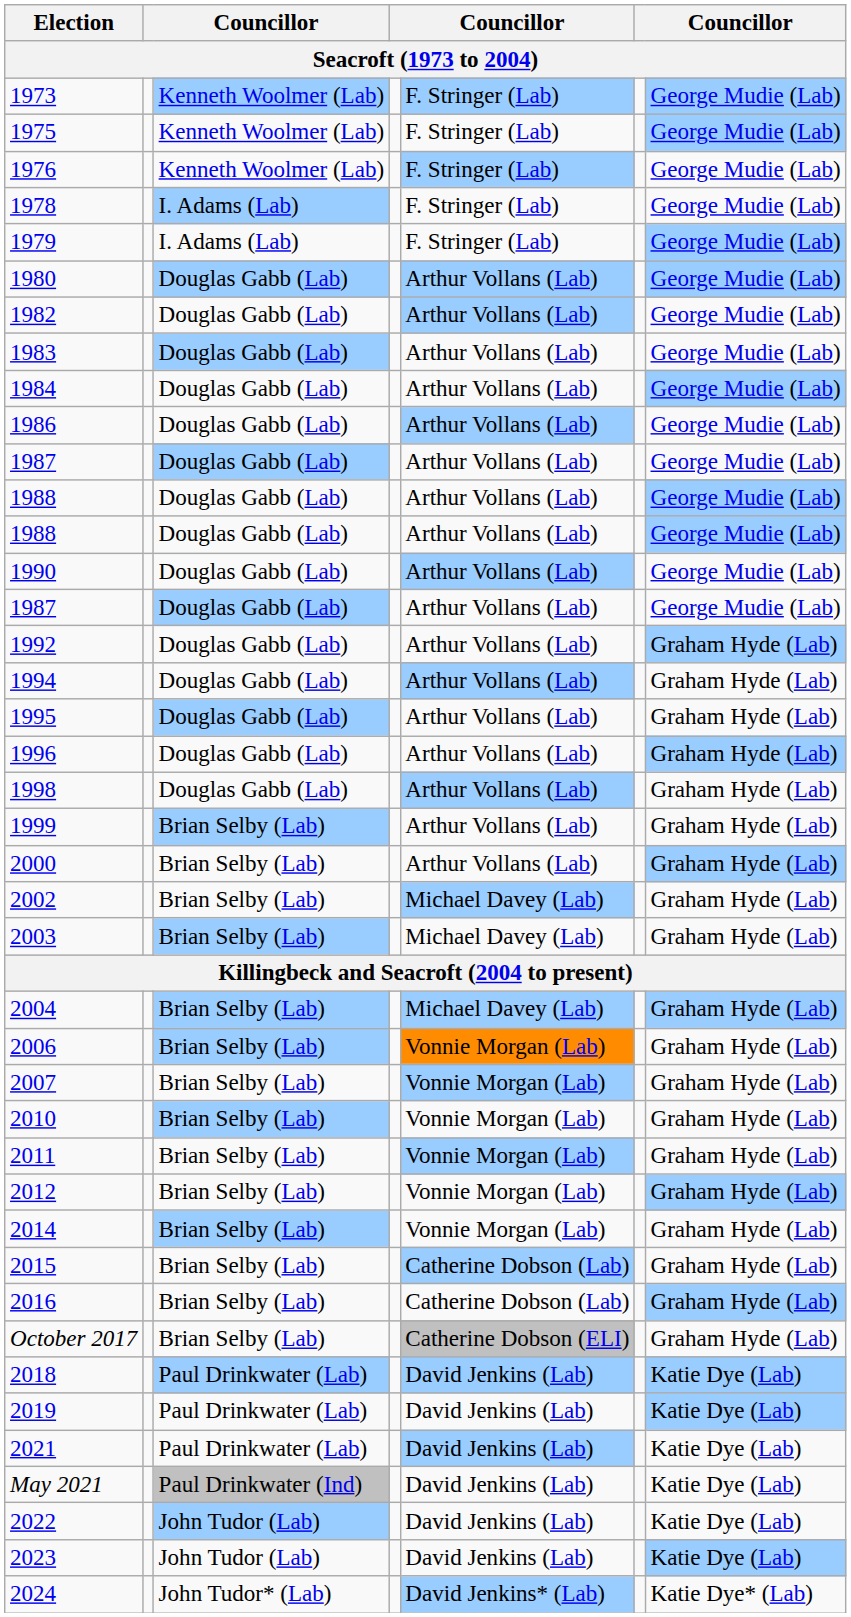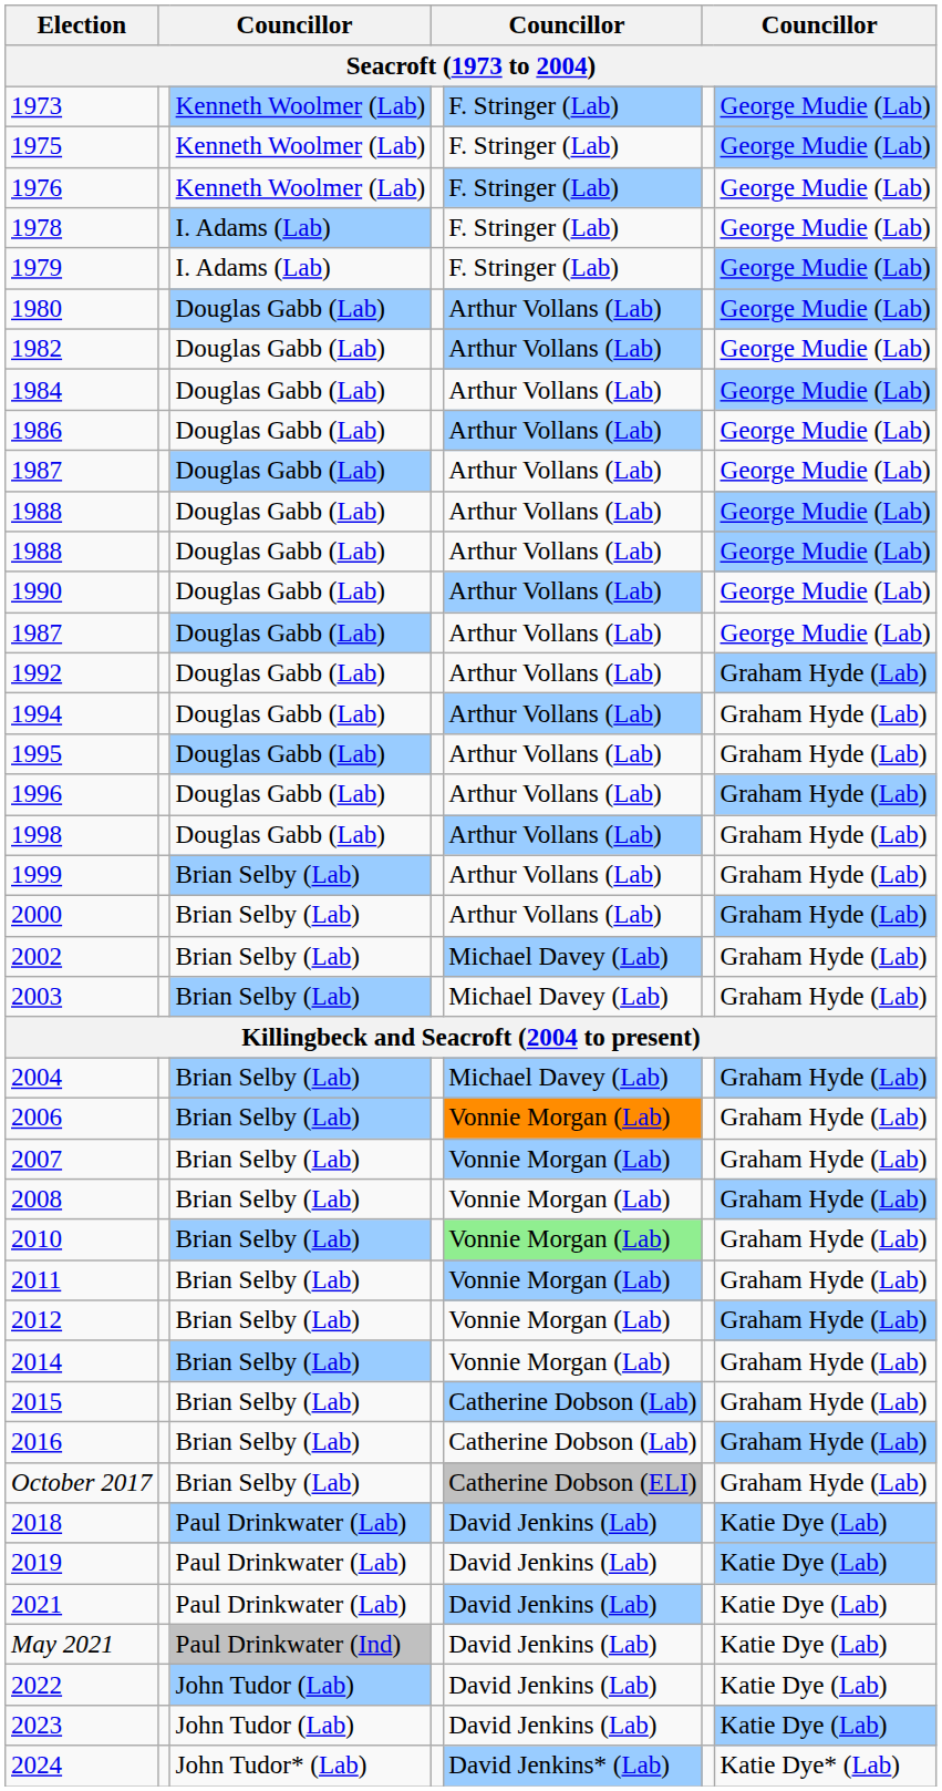 <table class="wikitable">
 <tr>
 <th>Election</th>
 <th colspan="2">Councillor</th>
 <th colspan="2">Councillor</th>
 <th colspan="2">Councillor</th>
 </tr>
 <tr>
 <th colspan=7>Seacroft (<a href='#'>1973</a> to <a href='#'>2004</a>)</th>
 </tr>
 <tr>
 <td><a href='#'>1973</a></td>
 <td style="background-color: "></td>
 <td bgcolor="#99CCFF"><a href='#'>Kenneth Woolmer</a> (<a href='#'>Lab</a>)</td>
 <td style="background-color: "></td>
 <td bgcolor="#99CCFF">F. Stringer (<a href='#'>Lab</a>)</td>
 <td style="background-color: "></td>
 <td bgcolor="#99CCFF"><a href='#'>George Mudie</a> (<a href='#'>Lab</a>)</td>
 </tr>
 <tr>
 <td><a href='#'>1975</a></td>
 <td style="background-color: "></td>
 <td><a href='#'>Kenneth Woolmer</a> (<a href='#'>Lab</a>)</td>
 <td style="background-color: "></td>
 <td>F. Stringer (<a href='#'>Lab</a>)</td>
 <td style="background-color: "></td>
 <td bgcolor="#99CCFF"><a href='#'>George Mudie</a> (<a href='#'>Lab</a>)</td>
 </tr>
 <tr>
 <td><a href='#'>1976</a></td>
 <td style="background-color: "></td>
 <td><a href='#'>Kenneth Woolmer</a> (<a href='#'>Lab</a>)</td>
 <td style="background-color: "></td>
 <td bgcolor="#99CCFF">F. Stringer (<a href='#'>Lab</a>)</td>
 <td style="background-color: "></td>
 <td><a href='#'>George Mudie</a> (<a href='#'>Lab</a>)</td>
 </tr>
 <tr>
 <td><a href='#'>1978</a></td>
 <td style="background-color: "></td>
 <td bgcolor="#99CCFF">I. Adams (<a href='#'>Lab</a>)</td>
 <td style="background-color: "></td>
 <td>F. Stringer (<a href='#'>Lab</a>)</td>
 <td style="background-color: "></td>
 <td><a href='#'>George Mudie</a> (<a href='#'>Lab</a>)</td>
 </tr>
 <tr>
 <td><a href='#'>1979</a></td>
 <td style="background-color: "></td>
 <td>I. Adams (<a href='#'>Lab</a>)</td>
 <td style="background-color: "></td>
 <td>F. Stringer (<a href='#'>Lab</a>)</td>
 <td style="background-color: "></td>
 <td bgcolor="#99CCFF"><a href='#'>George Mudie</a> (<a href='#'>Lab</a>)</td>
 </tr>
 <tr>
 <td><a href='#'>1980</a></td>
 <td style="background-color: "></td>
 <td bgcolor="#99CCFF">Douglas Gabb  (<a href='#'>Lab</a>)</td>
 <td style="background-color: "></td>
 <td bgcolor="#99CCFF">Arthur Vollans (<a href='#'>Lab</a>)</td>
 <td style="background-color: "></td>
 <td bgcolor="#99CCFF"><a href='#'>George Mudie</a> (<a href='#'>Lab</a>)</td>
 </tr>
 <tr>
 <td><a href='#'>1982</a></td>
 <td style="background-color: "></td>
 <td>Douglas Gabb  (<a href='#'>Lab</a>)</td>
 <td style="background-color: "></td>
 <td bgcolor="#99CCFF">Arthur Vollans (<a href='#'>Lab</a>)</td>
-<td style="background-color: "></td>
-<td><a href='#'>George Mudie</a> (<a href='#'>Lab</a>)</td>
-</tr>
-<tr>
-<td><a href='#'>1983</a></td>
-<td style="background-color: "></td>
-<td bgcolor="#99CCFF">Douglas Gabb  (<a href='#'>Lab</a>)</td>
-<td style="background-color: "></td>
-<td>Arthur Vollans (<a href='#'>Lab</a>)</td>
 <td style="background-color: "></td>
 <td><a href='#'>George Mudie</a> (<a href='#'>Lab</a>)</td>
 </tr>
 <tr>
 <td><a href='#'>1984</a></td>
 <td style="background-color: "></td>
 <td>Douglas Gabb  (<a href='#'>Lab</a>)</td>
 <td style="background-color: "></td>
 <td>Arthur Vollans (<a href='#'>Lab</a>)</td>
 <td style="background-color: "></td>
 <td bgcolor="#99CCFF"><a href='#'>George Mudie</a> (<a href='#'>Lab</a>)</td>
 </tr>
 <tr>
 <td><a href='#'>1986</a></td>
 <td style="background-color: "></td>
 <td>Douglas Gabb  (<a href='#'>Lab</a>)</td>
 <td style="background-color: "></td>
 <td bgcolor="#99CCFF">Arthur Vollans (<a href='#'>Lab</a>)</td>
 <td style="background-color: "></td>
 <td><a href='#'>George Mudie</a> (<a href='#'>Lab</a>)</td>
 </tr>
 <tr>
 <td><a href='#'>1987</a></td>
 <td style="background-color: "></td>
 <td bgcolor="#99CCFF">Douglas Gabb  (<a href='#'>Lab</a>)</td>
 <td style="background-color: "></td>
 <td>Arthur Vollans (<a href='#'>Lab</a>)</td>
 <td style="background-color: "></td>
 <td><a href='#'>George Mudie</a> (<a href='#'>Lab</a>)</td>
 </tr>
 <tr>
 <td><a href='#'>1988</a></td>
 <td style="background-color: "></td>
 <td>Douglas Gabb  (<a href='#'>Lab</a>)</td>
 <td style="background-color: "></td>
 <td>Arthur Vollans (<a href='#'>Lab</a>)</td>
 <td style="background-color: "></td>
 <td bgcolor="#99CCFF"><a href='#'>George Mudie</a> (<a href='#'>Lab</a>)</td>
 </tr>
 <tr>
 <td><a href='#'>1988</a></td>
 <td style="background-color: "></td>
 <td>Douglas Gabb  (<a href='#'>Lab</a>)</td>
 <td style="background-color: "></td>
 <td>Arthur Vollans (<a href='#'>Lab</a>)</td>
 <td style="background-color: "></td>
 <td bgcolor="#99CCFF"><a href='#'>George Mudie</a> (<a href='#'>Lab</a>)</td>
 </tr>
 <tr>
 <td><a href='#'>1990</a></td>
 <td style="background-color: "></td>
 <td>Douglas Gabb  (<a href='#'>Lab</a>)</td>
 <td style="background-color: "></td>
 <td bgcolor="#99CCFF">Arthur Vollans (<a href='#'>Lab</a>)</td>
 <td style="background-color: "></td>
 <td><a href='#'>George Mudie</a> (<a href='#'>Lab</a>)</td>
 </tr>
 <tr>
 <td><a href='#'>1987</a></td>
 <td style="background-color: "></td>
 <td bgcolor="#99CCFF">Douglas Gabb  (<a href='#'>Lab</a>)</td>
 <td style="background-color: "></td>
 <td>Arthur Vollans (<a href='#'>Lab</a>)</td>
 <td style="background-color: "></td>
 <td><a href='#'>George Mudie</a> (<a href='#'>Lab</a>)</td>
 </tr>
 <tr>
 <td><a href='#'>1992</a></td>
 <td style="background-color: "></td>
 <td>Douglas Gabb  (<a href='#'>Lab</a>)</td>
 <td style="background-color: "></td>
 <td>Arthur Vollans (<a href='#'>Lab</a>)</td>
 <td style="background-color: "></td>
 <td bgcolor="#99CCFF">Graham Hyde (<a href='#'>Lab</a>)</td>
 </tr>
 <tr>
 <td><a href='#'>1994</a></td>
 <td style="background-color: "></td>
 <td>Douglas Gabb  (<a href='#'>Lab</a>)</td>
 <td style="background-color: "></td>
 <td bgcolor="#99CCFF">Arthur Vollans (<a href='#'>Lab</a>)</td>
 <td style="background-color: "></td>
 <td>Graham Hyde (<a href='#'>Lab</a>)</td>
 </tr>
 <tr>
 <td><a href='#'>1995</a></td>
 <td style="background-color: "></td>
 <td bgcolor="#99CCFF">Douglas Gabb  (<a href='#'>Lab</a>)</td>
 <td style="background-color: "></td>
 <td>Arthur Vollans (<a href='#'>Lab</a>)</td>
 <td style="background-color: "></td>
 <td>Graham Hyde (<a href='#'>Lab</a>)</td>
 </tr>
 <tr>
 <td><a href='#'>1996</a></td>
 <td style="background-color: "></td>
 <td>Douglas Gabb  (<a href='#'>Lab</a>)</td>
 <td style="background-color: "></td>
 <td>Arthur Vollans (<a href='#'>Lab</a>)</td>
 <td style="background-color: "></td>
 <td bgcolor="#99CCFF">Graham Hyde (<a href='#'>Lab</a>)</td>
 </tr>
 <tr>
 <td><a href='#'>1998</a></td>
 <td style="background-color: "></td>
 <td>Douglas Gabb  (<a href='#'>Lab</a>)</td>
 <td style="background-color: "></td>
 <td bgcolor="#99CCFF">Arthur Vollans (<a href='#'>Lab</a>)</td>
 <td style="background-color: "></td>
 <td>Graham Hyde (<a href='#'>Lab</a>)</td>
 </tr>
 <tr>
 <td><a href='#'>1999</a></td>
 <td style="background-color: "></td>
 <td bgcolor="#99CCFF">Brian Selby (<a href='#'>Lab</a>)</td>
 <td style="background-color: "></td>
 <td>Arthur Vollans (<a href='#'>Lab</a>)</td>
 <td style="background-color: "></td>
 <td>Graham Hyde (<a href='#'>Lab</a>)</td>
 </tr>
 <tr>
 <td><a href='#'>2000</a></td>
 <td style="background-color: "></td>
 <td>Brian Selby (<a href='#'>Lab</a>)</td>
 <td style="background-color: "></td>
 <td>Arthur Vollans (<a href='#'>Lab</a>)</td>
 <td style="background-color: "></td>
 <td bgcolor="#99CCFF">Graham Hyde (<a href='#'>Lab</a>)</td>
 </tr>
 <tr>
 <td><a href='#'>2002</a></td>
 <td style="background-color: "></td>
 <td>Brian Selby (<a href='#'>Lab</a>)</td>
 <td style="background-color: "></td>
 <td bgcolor="#99CCFF">Michael Davey (<a href='#'>Lab</a>)</td>
 <td style="background-color: "></td>
 <td>Graham Hyde (<a href='#'>Lab</a>)</td>
 </tr>
 <tr>
 <td><a href='#'>2003</a></td>
 <td style="background-color: "></td>
 <td bgcolor="#99CCFF">Brian Selby (<a href='#'>Lab</a>)</td>
 <td style="background-color: "></td>
 <td>Michael Davey (<a href='#'>Lab</a>)</td>
 <td style="background-color: "></td>
 <td>Graham Hyde (<a href='#'>Lab</a>)</td>
 </tr>
 <tr>
 <th colspan=7>Killingbeck and Seacroft (<a href='#'>2004</a> to present)</th>
 </tr>
 <tr>
 <td><a href='#'>2004</a></td>
 <td style="background-color: "></td>
 <td bgcolor="#99CCFF">Brian Selby (<a href='#'>Lab</a>)</td>
 <td style="background-color: "></td>
 <td bgcolor="#99CCFF">Michael Davey (<a href='#'>Lab</a>)</td>
 <td style="background-color: "></td>
 <td bgcolor="#99CCFF">Graham Hyde (<a href='#'>Lab</a>)</td>
 </tr>
 <tr>
 <td><a href='#'>2006</a></td>
 <td style="background-color: "></td>
 <td bgcolor="#99CCFF">Brian Selby (<a href='#'>Lab</a>)</td>
 <td style="background-color: "></td>
 <td bgcolor="#FF8C00">Vonnie Morgan (<a href='#'>Lab</a>)</td>
 <td style="background-color: "></td>
 <td>Graham Hyde (<a href='#'>Lab</a>)</td>
 </tr>
 <tr>
 <td><a href='#'>2007</a></td>
 <td style="background-color: "></td>
 <td>Brian Selby (<a href='#'>Lab</a>)</td>
 <td style="background-color: "></td>
 <td bgcolor="#99CCFF">Vonnie Morgan (<a href='#'>Lab</a>)</td>
 <td style="background-color: "></td>
 <td>Graham Hyde (<a href='#'>Lab</a>)</td>
 </tr>
 <tr>
+<td><a href='#'>2008</a></td>
+<td style="background-color: "></td>
+<td>Brian Selby (<a href='#'>Lab</a>)</td>
+<td style="background-color: "></td>
+<td>Vonnie Morgan (<a href='#'>Lab</a>)</td>
+<td style="background-color: "></td>
+<td bgcolor="#99CCFF">Graham Hyde (<a href='#'>Lab</a>)</td>
+</tr>
+<tr>
 <td><a href='#'>2010</a></td>
 <td style="background-color: "></td>
 <td bgcolor="#99CCFF">Brian Selby (<a href='#'>Lab</a>)</td>
 <td style="background-color: "></td>
-<td>Vonnie Morgan (<a href='#'>Lab</a>)</td>
+<td style="background: lightgreen;">Vonnie Morgan (<a href='#'>Lab</a>)</td>
 <td style="background-color: "></td>
 <td>Graham Hyde (<a href='#'>Lab</a>)</td>
 </tr>
 <tr>
 <td><a href='#'>2011</a></td>
 <td style="background-color: "></td>
 <td>Brian Selby (<a href='#'>Lab</a>)</td>
 <td style="background-color: "></td>
 <td bgcolor="#99CCFF">Vonnie Morgan (<a href='#'>Lab</a>)</td>
 <td style="background-color: "></td>
 <td>Graham Hyde (<a href='#'>Lab</a>)</td>
 </tr>
 <tr>
 <td><a href='#'>2012</a></td>
 <td style="background-color: "></td>
 <td>Brian Selby (<a href='#'>Lab</a>)</td>
 <td style="background-color: "></td>
 <td>Vonnie Morgan (<a href='#'>Lab</a>)</td>
 <td style="background-color: "></td>
 <td bgcolor="#99CCFF">Graham Hyde (<a href='#'>Lab</a>)</td>
 </tr>
 <tr>
 <td><a href='#'>2014</a></td>
 <td style="background-color: "></td>
 <td bgcolor="#99CCFF">Brian Selby (<a href='#'>Lab</a>)</td>
 <td style="background-color: "></td>
 <td>Vonnie Morgan (<a href='#'>Lab</a>)</td>
 <td style="background-color: "></td>
 <td>Graham Hyde (<a href='#'>Lab</a>)</td>
 </tr>
 <tr>
 <td><a href='#'>2015</a></td>
 <td style="background-color: "></td>
 <td>Brian Selby (<a href='#'>Lab</a>)</td>
 <td style="background-color: "></td>
 <td bgcolor="#99CCFF">Catherine Dobson (<a href='#'>Lab</a>)</td>
 <td style="background-color: "></td>
 <td>Graham Hyde (<a href='#'>Lab</a>)</td>
 </tr>
 <tr>
 <td><a href='#'>2016</a></td>
 <td style="background-color: "></td>
 <td>Brian Selby (<a href='#'>Lab</a>)</td>
 <td style="background-color: "></td>
 <td>Catherine Dobson (<a href='#'>Lab</a>)</td>
 <td style="background-color: "></td>
 <td bgcolor="#99CCFF">Graham Hyde (<a href='#'>Lab</a>)</td>
 </tr>
 <tr>
 <td><em>October 2017</em></td>
 <td style="background-color: "></td>
 <td>Brian Selby (<a href='#'>Lab</a>)</td>
 <td style="background-color: "></td>
 <td bgcolor="#C0C0C0">Catherine Dobson (<a href='#'>ELI</a>)</td>
 <td style="background-color: "></td>
 <td>Graham Hyde (<a href='#'>Lab</a>)</td>
 </tr>
 <tr>
 <td><a href='#'>2018</a></td>
 <td style="background-color: "></td>
 <td bgcolor="#99CCFF">Paul Drinkwater (<a href='#'>Lab</a>)</td>
 <td style="background-color: "></td>
 <td bgcolor="#99CCFF">David Jenkins (<a href='#'>Lab</a>)</td>
 <td style="background-color: "></td>
 <td bgcolor="#99CCFF">Katie Dye (<a href='#'>Lab</a>)</td>
 </tr>
 <tr>
 <td><a href='#'>2019</a></td>
 <td style="background-color: "></td>
 <td>Paul Drinkwater (<a href='#'>Lab</a>)</td>
 <td style="background-color: "></td>
 <td>David Jenkins (<a href='#'>Lab</a>)</td>
 <td style="background-color: "></td>
 <td bgcolor="#99CCFF">Katie Dye (<a href='#'>Lab</a>)</td>
 </tr>
 <tr>
 <td><a href='#'>2021</a></td>
 <td style="background-color: "></td>
 <td>Paul Drinkwater (<a href='#'>Lab</a>)</td>
 <td style="background-color: "></td>
 <td bgcolor="#99CCFF">David Jenkins (<a href='#'>Lab</a>)</td>
 <td style="background-color: "></td>
 <td>Katie Dye (<a href='#'>Lab</a>)</td>
 </tr>
 <tr>
 <td><em>May 2021</em></td>
 <td style="background-color: "></td>
 <td bgcolor="#C0C0C0">Paul Drinkwater (<a href='#'>Ind</a>)</td>
 <td style="background-color: "></td>
 <td>David Jenkins (<a href='#'>Lab</a>)</td>
 <td style="background-color: "></td>
 <td>Katie Dye (<a href='#'>Lab</a>)</td>
 </tr>
 <tr>
 <td><a href='#'>2022</a></td>
 <td style="background-color: "></td>
 <td bgcolor="#99CCFF">John Tudor (<a href='#'>Lab</a>)</td>
 <td style="background-color: "></td>
 <td>David Jenkins (<a href='#'>Lab</a>)</td>
 <td style="background-color: "></td>
 <td>Katie Dye (<a href='#'>Lab</a>)</td>
 </tr>
 <tr>
 <td><a href='#'>2023</a></td>
 <td style="background-color: "></td>
 <td>John Tudor (<a href='#'>Lab</a>)</td>
 <td style="background-color: "></td>
 <td>David Jenkins (<a href='#'>Lab</a>)</td>
 <td style="background-color: "></td>
 <td bgcolor="#99CCFF">Katie Dye (<a href='#'>Lab</a>)</td>
 </tr>
 <tr>
 <td><a href='#'>2024</a></td>
 <td style="background-color: "></td>
 <td>John Tudor* (<a href='#'>Lab</a>)</td>
 <td style="background-color: "></td>
 <td bgcolor="#99CCFF">David Jenkins* (<a href='#'>Lab</a>)</td>
 <td style="background-color: "></td>
 <td>Katie Dye* (<a href='#'>Lab</a>)</td>
 </tr>
 </table>
